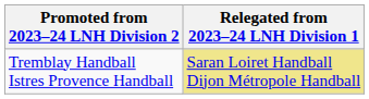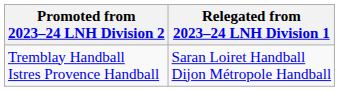 <table class="wikitable">
 <tr>
 <th>Promoted from<br><a href='#'>2023–24 LNH Division 2</a></th>
 <th>Relegated from<br><a href='#'>2023–24 LNH Division 1</a></th>
 </tr>
 <tr>
 <td><a href='#'>Tremblay Handball</a><br><a href='#'>Istres Provence Handball</a></td>
-<td style="background: khaki;"><a href='#'>Saran Loiret Handball</a><br><a href='#'>Dijon Métropole Handball</a></td>
+<td><a href='#'>Saran Loiret Handball</a><br><a href='#'>Dijon Métropole Handball</a></td>
 </tr>
 </table>
